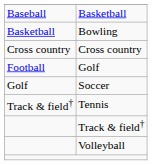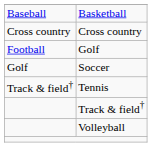 <table class="wikitable" style= " ">
 <tr>
 </tr>
 <tr>
 <td><a href='#'>Baseball</a></td>
 <td><a href='#'>Basketball</a></td>
-</tr>
-<tr>
-<td><a href='#'>Basketball</a></td>
-<td>Bowling</td>
 </tr>
 <tr>
 <td>Cross country</td>
 <td>Cross country</td>
 </tr>
 <tr>
 <td><a href='#'>Football</a></td>
 <td>Golf</td>
 </tr>
 <tr>
 <td>Golf</td>
 <td>Soccer</td>
 </tr>
 <tr>
 <td>Track & field<sup>†</sup></td>
 <td>Tennis</td>
 </tr>
 <tr>
 <td></td>
 <td>Track & field<sup>†</sup></td>
 </tr>
 <tr>
 <td></td>
 <td>Volleyball</td>
 </tr>
 <tr>
 <td colspan="2"></td>
 </tr>
 </table>
